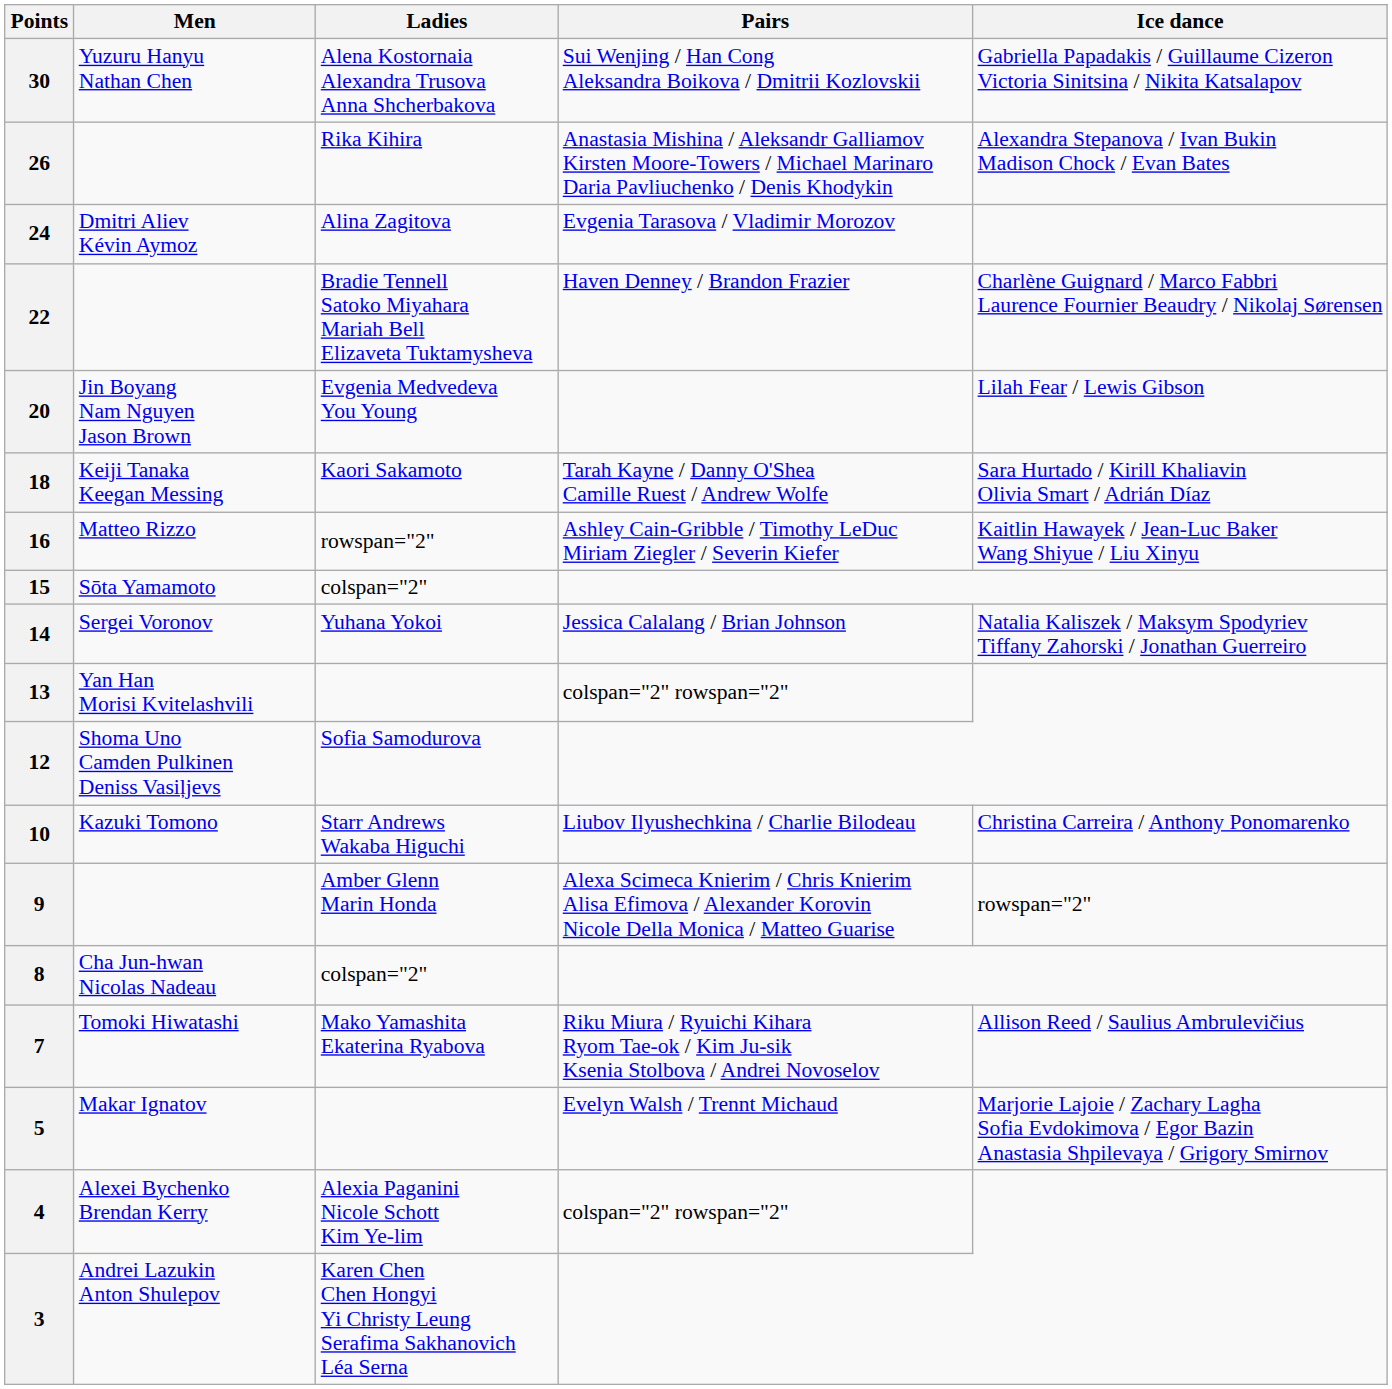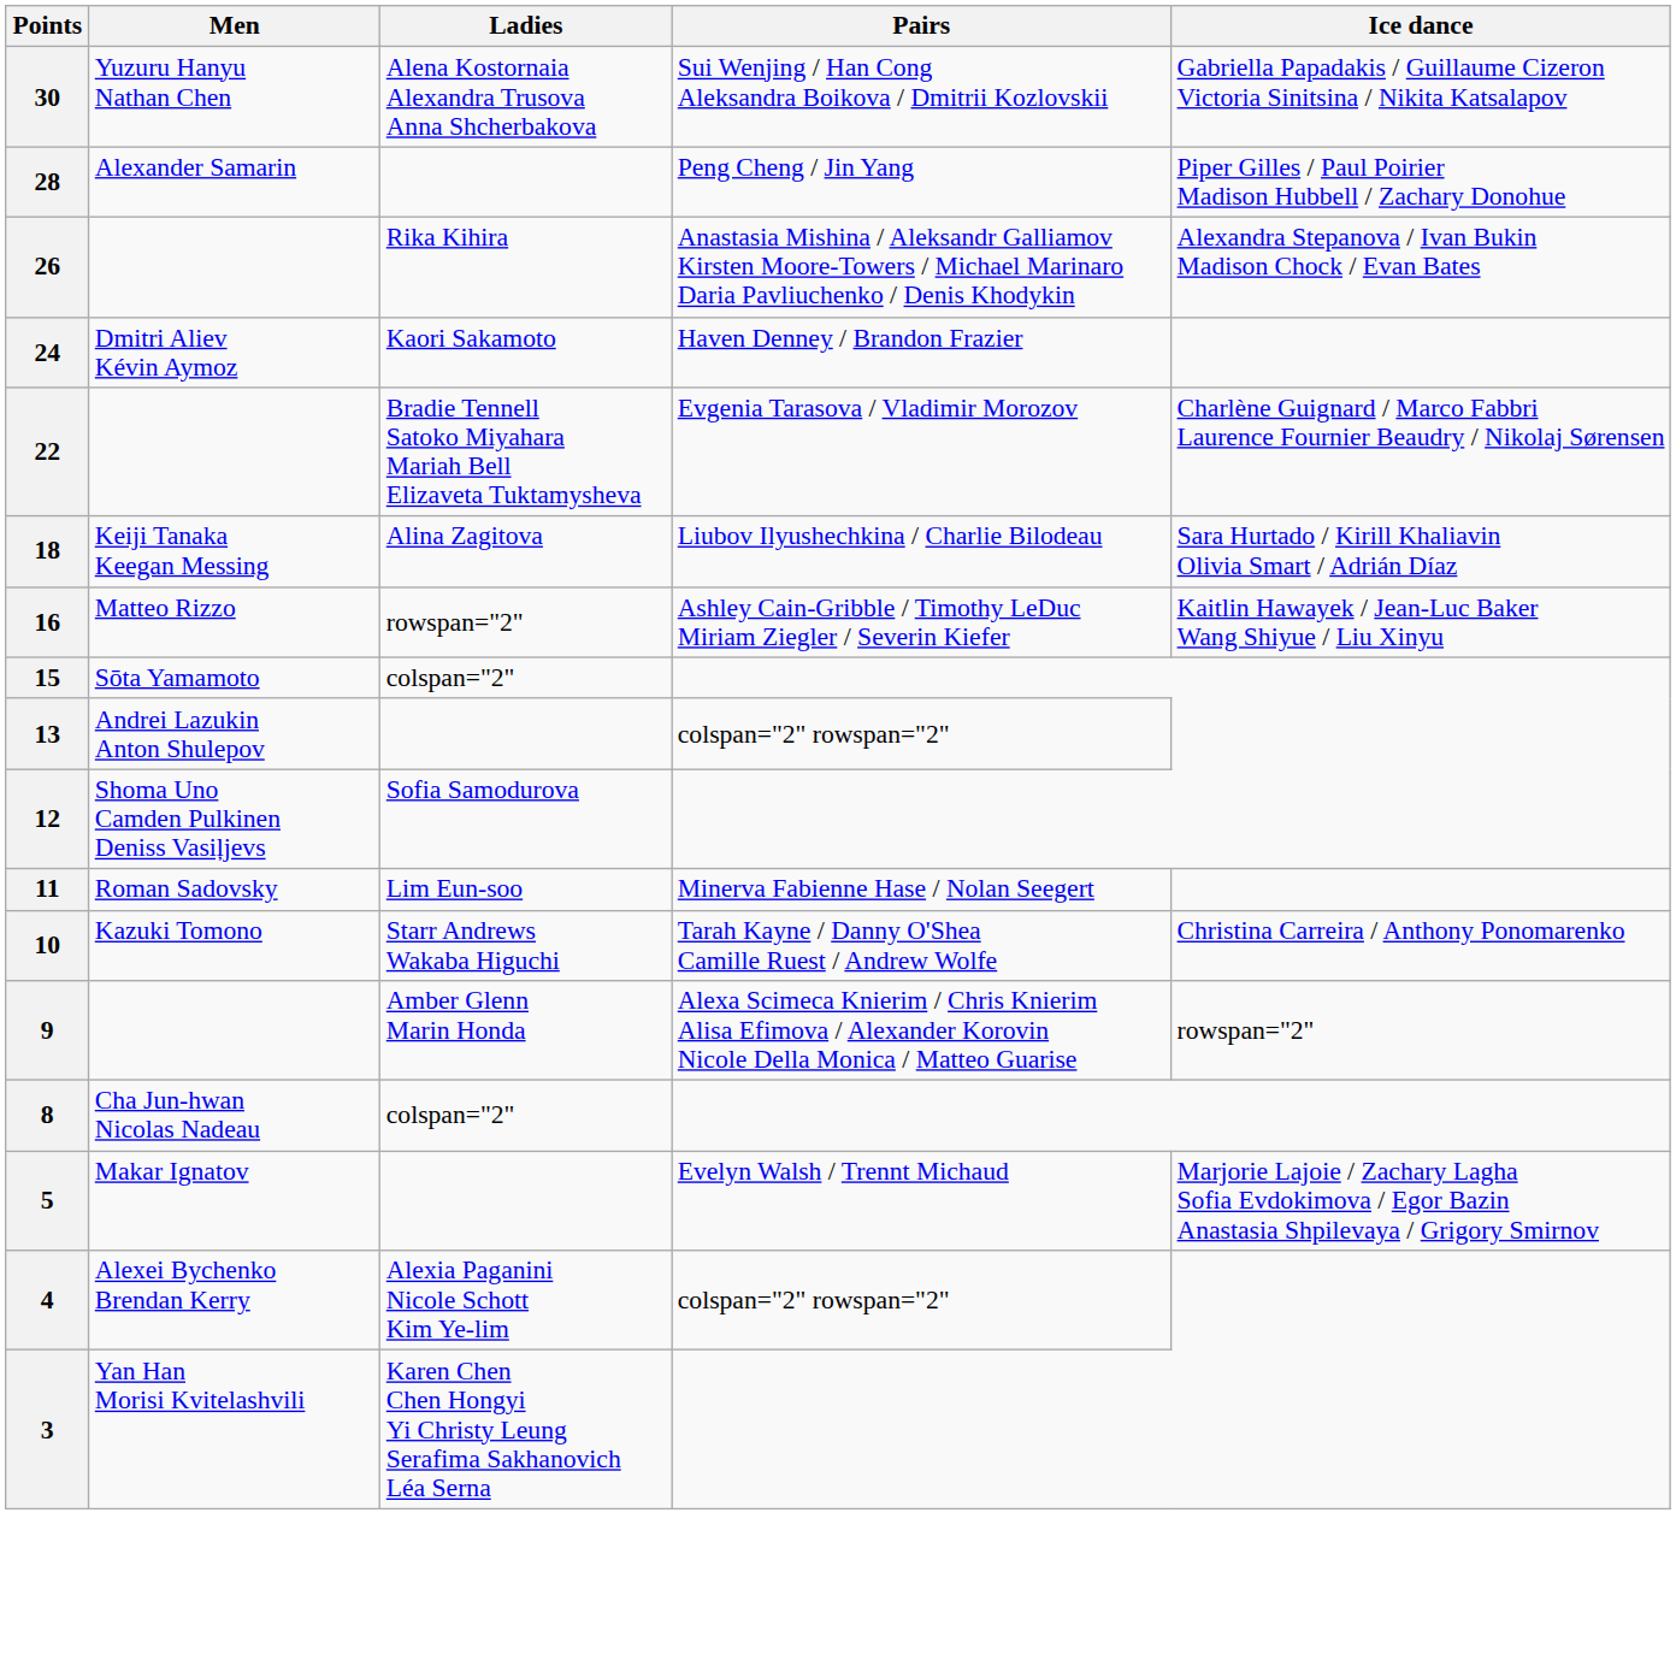 <table class="wikitable unsortable" style="text-align:left">
 <tr>
 <th scope="col" style="width:5%">Points</th>
 <th scope="col" style="width:17.5%">Men</th>
 <th scope="col" style="width:17.5%">Ladies</th>
 <th scope="col" style="width:30%">Pairs</th>
 <th scope="col" style="width:30%">Ice dance</th>
 </tr>
 <tr>
 <th scope="row">30</th>
 <td valign="top"> <a href='#'>Yuzuru Hanyu</a><br> <a href='#'>Nathan Chen</a></td>
 <td valign="top"> <a href='#'>Alena Kostornaia</a><br> <a href='#'>Alexandra Trusova</a><br> <a href='#'>Anna Shcherbakova</a></td>
 <td valign="top"> <a href='#'>Sui Wenjing</a> / <a href='#'>Han Cong</a><br> <a href='#'>Aleksandra Boikova</a> / <a href='#'>Dmitrii Kozlovskii</a></td>
 <td valign="top"> <a href='#'>Gabriella Papadakis</a> / <a href='#'>Guillaume Cizeron</a><br> <a href='#'>Victoria Sinitsina</a> / <a href='#'>Nikita Katsalapov</a></td>
 </tr>
 <tr>
+<th scope="row">28</th>
+<td valign="top"> <a href='#'>Alexander Samarin</a></td>
+<td></td>
+<td valign="top"> <a href='#'>Peng Cheng</a> / <a href='#'>Jin Yang</a></td>
+<td valign="top"> <a href='#'>Piper Gilles</a> / <a href='#'>Paul Poirier</a><br> <a href='#'>Madison Hubbell</a> / <a href='#'>Zachary Donohue</a></td>
+</tr>
+<tr>
 <th scope="row">26</th>
 <td></td>
 <td valign="top"> <a href='#'>Rika Kihira</a></td>
 <td valign="top"> <a href='#'>Anastasia Mishina</a> / <a href='#'>Aleksandr Galliamov</a><br> <a href='#'>Kirsten Moore-Towers</a> / <a href='#'>Michael Marinaro</a><br> <a href='#'>Daria Pavliuchenko</a> / <a href='#'>Denis Khodykin</a></td>
 <td valign="top"> <a href='#'>Alexandra Stepanova</a> / <a href='#'>Ivan Bukin</a><br> <a href='#'>Madison Chock</a> / <a href='#'>Evan Bates</a></td>
 </tr>
 <tr>
 <th scope="row">24</th>
 <td valign="top"> <a href='#'>Dmitri Aliev</a><br> <a href='#'>Kévin Aymoz</a></td>
-<td valign="top"> <a href='#'>Alina Zagitova</a></td>
-<td valign="top"> <a href='#'>Evgenia Tarasova</a> / <a href='#'>Vladimir Morozov</a></td>
+<td valign="top"> <a href='#'>Kaori Sakamoto</a></td>
+<td valign="top"> <a href='#'>Haven Denney</a> / <a href='#'>Brandon Frazier</a></td>
 <td></td>
 </tr>
 <tr>
 <th scope="row">22</th>
 <td></td>
 <td valign="top"> <a href='#'>Bradie Tennell</a><br> <a href='#'>Satoko Miyahara</a><br> <a href='#'>Mariah Bell</a><br> <a href='#'>Elizaveta Tuktamysheva</a></td>
-<td valign="top"> <a href='#'>Haven Denney</a> / <a href='#'>Brandon Frazier</a></td>
+<td valign="top"> <a href='#'>Evgenia Tarasova</a> / <a href='#'>Vladimir Morozov</a></td>
 <td valign="top"> <a href='#'>Charlène Guignard</a> / <a href='#'>Marco Fabbri</a><br> <a href='#'>Laurence Fournier Beaudry</a> / <a href='#'>Nikolaj Sørensen</a></td>
-</tr>
-<tr>
-<th scope="row">20</th>
-<td valign="top"> <a href='#'>Jin Boyang</a><br> <a href='#'>Nam Nguyen</a><br> <a href='#'>Jason Brown</a></td>
-<td valign="top"> <a href='#'>Evgenia Medvedeva</a><br> <a href='#'>You Young</a></td>
-<td></td>
-<td valign="top"> <a href='#'>Lilah Fear</a> / <a href='#'>Lewis Gibson</a></td>
 </tr>
 <tr>
 <th scope="row">18</th>
 <td valign="top"> <a href='#'>Keiji Tanaka</a><br> <a href='#'>Keegan Messing</a></td>
-<td valign="top"> <a href='#'>Kaori Sakamoto</a></td>
-<td valign="top"> <a href='#'>Tarah Kayne</a> / <a href='#'>Danny O'Shea</a><br> <a href='#'>Camille Ruest</a> / <a href='#'>Andrew Wolfe</a></td>
+<td valign="top"> <a href='#'>Alina Zagitova</a></td>
+<td valign="top"> <a href='#'>Liubov Ilyushechkina</a> / <a href='#'>Charlie Bilodeau</a></td>
 <td valign="top"> <a href='#'>Sara Hurtado</a> / <a href='#'>Kirill Khaliavin</a><br> <a href='#'>Olivia Smart</a> / <a href='#'>Adrián Díaz</a></td>
 </tr>
 <tr>
 <th scope="row">16</th>
 <td valign="top"> <a href='#'>Matteo Rizzo</a></td>
 <td>rowspan="2" </td>
 <td valign="top"> <a href='#'>Ashley Cain-Gribble</a> / <a href='#'>Timothy LeDuc</a><br> <a href='#'>Miriam Ziegler</a> / <a href='#'>Severin Kiefer</a></td>
 <td valign="top"> <a href='#'>Kaitlin Hawayek</a> / <a href='#'>Jean-Luc Baker</a><br> <a href='#'>Wang Shiyue</a> / <a href='#'>Liu Xinyu</a></td>
 </tr>
 <tr>
 <th scope="row">15</th>
 <td valign="top"> <a href='#'>Sōta Yamamoto</a></td>
 <td>colspan="2" </td>
 </tr>
 <tr>
-<th scope="row">14</th>
-<td valign="top"> <a href='#'>Sergei Voronov</a></td>
-<td valign="top"> <a href='#'>Yuhana Yokoi</a></td>
-<td valign="top"> <a href='#'>Jessica Calalang</a> / <a href='#'>Brian Johnson</a></td>
-<td valign="top"> <a href='#'>Natalia Kaliszek</a> / <a href='#'>Maksym Spodyriev</a><br> <a href='#'>Tiffany Zahorski</a> / <a href='#'>Jonathan Guerreiro</a></td>
-</tr>
-<tr>
 <th scope="row">13</th>
-<td valign="top"> <a href='#'>Yan Han</a><br> <a href='#'>Morisi Kvitelashvili</a></td>
+<td valign="top"> <a href='#'>Andrei Lazukin</a><br> <a href='#'>Anton Shulepov</a></td>
 <td></td>
 <td>colspan="2" rowspan="2" </td>
 </tr>
 <tr>
 <th scope="row">12</th>
 <td valign="top"> <a href='#'>Shoma Uno</a><br> <a href='#'>Camden Pulkinen</a><br> <a href='#'>Deniss Vasiļjevs</a></td>
 <td valign="top"> <a href='#'>Sofia Samodurova</a></td>
 </tr>
 <tr>
+<th scope="row">11</th>
+<td valign="top"> <a href='#'>Roman Sadovsky</a></td>
+<td valign="top"> <a href='#'>Lim Eun-soo</a></td>
+<td valign="top"> <a href='#'>Minerva Fabienne Hase</a> / <a href='#'>Nolan Seegert</a></td>
+<td></td>
+</tr>
+<tr>
 <th scope="row">10</th>
 <td valign="top"> <a href='#'>Kazuki Tomono</a></td>
 <td valign="top"> <a href='#'>Starr Andrews</a><br> <a href='#'>Wakaba Higuchi</a></td>
-<td valign="top"> <a href='#'>Liubov Ilyushechkina</a> / <a href='#'>Charlie Bilodeau</a></td>
+<td valign="top"> <a href='#'>Tarah Kayne</a> / <a href='#'>Danny O'Shea</a><br> <a href='#'>Camille Ruest</a> / <a href='#'>Andrew Wolfe</a></td>
 <td valign="top"> <a href='#'>Christina Carreira</a> / <a href='#'>Anthony Ponomarenko</a></td>
 </tr>
 <tr>
 <th scope="row">9</th>
 <td></td>
 <td valign="top"> <a href='#'>Amber Glenn</a><br> <a href='#'>Marin Honda</a></td>
 <td valign="top"> <a href='#'>Alexa Scimeca Knierim</a> / <a href='#'>Chris Knierim</a><br> <a href='#'>Alisa Efimova</a> / <a href='#'>Alexander Korovin</a><br> <a href='#'>Nicole Della Monica</a> / <a href='#'>Matteo Guarise</a></td>
 <td>rowspan="2" </td>
 </tr>
 <tr>
 <th scope="row">8</th>
 <td valign="top"> <a href='#'>Cha Jun-hwan</a><br> <a href='#'>Nicolas Nadeau</a></td>
 <td>colspan="2" </td>
-</tr>
-<tr>
-<th scope="row">7</th>
-<td valign="top"> <a href='#'>Tomoki Hiwatashi</a></td>
-<td valign="top"> <a href='#'>Mako Yamashita</a><br> <a href='#'>Ekaterina Ryabova</a></td>
-<td valign="top"> <a href='#'>Riku Miura</a> / <a href='#'>Ryuichi Kihara</a><br> <a href='#'>Ryom Tae-ok</a> / <a href='#'>Kim Ju-sik</a><br> <a href='#'>Ksenia Stolbova</a> / <a href='#'>Andrei Novoselov</a></td>
-<td valign="top"> <a href='#'>Allison Reed</a> / <a href='#'>Saulius Ambrulevičius</a></td>
 </tr>
 <tr>
 <th scope="row">5</th>
 <td valign="top"> <a href='#'>Makar Ignatov</a></td>
 <td></td>
 <td valign="top"> <a href='#'>Evelyn Walsh</a> / <a href='#'>Trennt Michaud</a></td>
 <td valign="top"> <a href='#'>Marjorie Lajoie</a> / <a href='#'>Zachary Lagha</a><br> <a href='#'>Sofia Evdokimova</a> / <a href='#'>Egor Bazin</a><br> <a href='#'>Anastasia Shpilevaya</a> / <a href='#'>Grigory Smirnov</a></td>
 </tr>
 <tr>
 <th scope="row">4</th>
 <td valign="top"> <a href='#'>Alexei Bychenko</a><br> <a href='#'>Brendan Kerry</a></td>
 <td valign="top"> <a href='#'>Alexia Paganini</a><br> <a href='#'>Nicole Schott</a><br> <a href='#'>Kim Ye-lim</a></td>
 <td>colspan="2" rowspan="2" </td>
 </tr>
 <tr>
 <th scope="row">3</th>
-<td valign="top"> <a href='#'>Andrei Lazukin</a><br> <a href='#'>Anton Shulepov</a></td>
+<td valign="top"> <a href='#'>Yan Han</a><br> <a href='#'>Morisi Kvitelashvili</a></td>
 <td valign="top"> <a href='#'>Karen Chen</a><br> <a href='#'>Chen Hongyi</a><br> <a href='#'>Yi Christy Leung</a><br> <a href='#'>Serafima Sakhanovich</a><br> <a href='#'>Léa Serna</a></td>
 </tr>
 </table>
